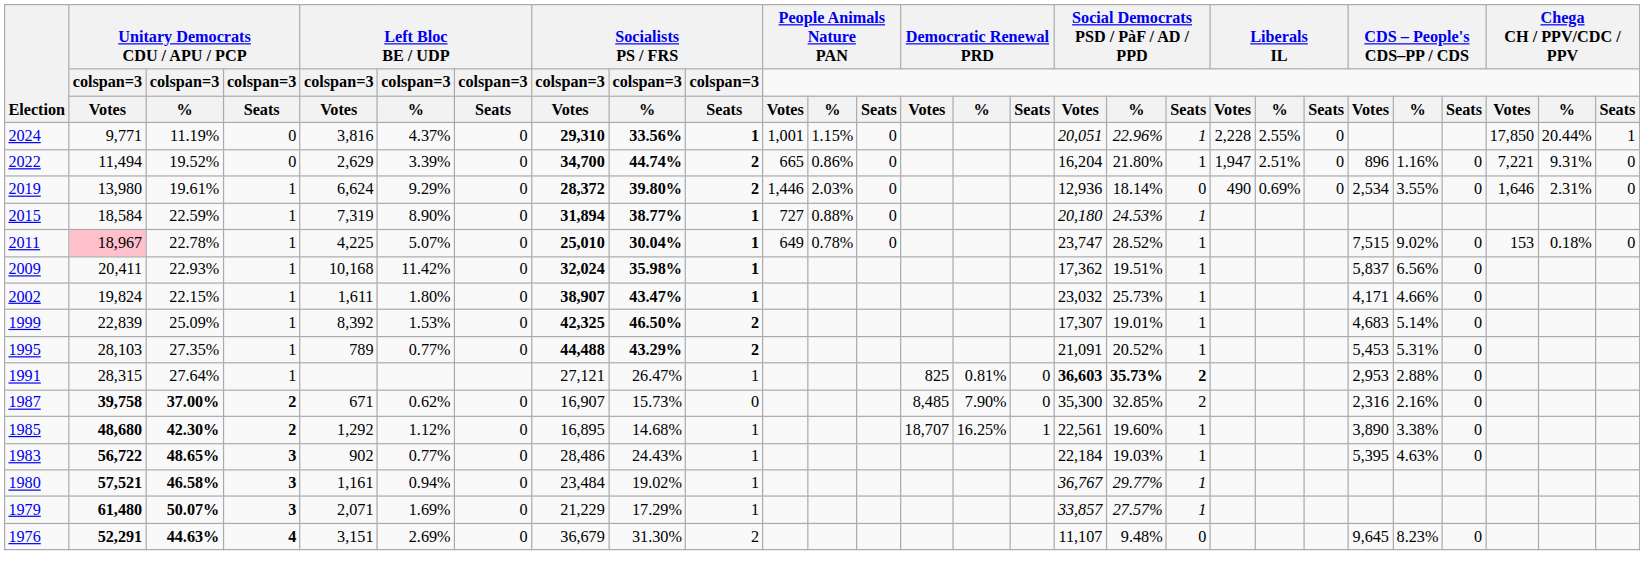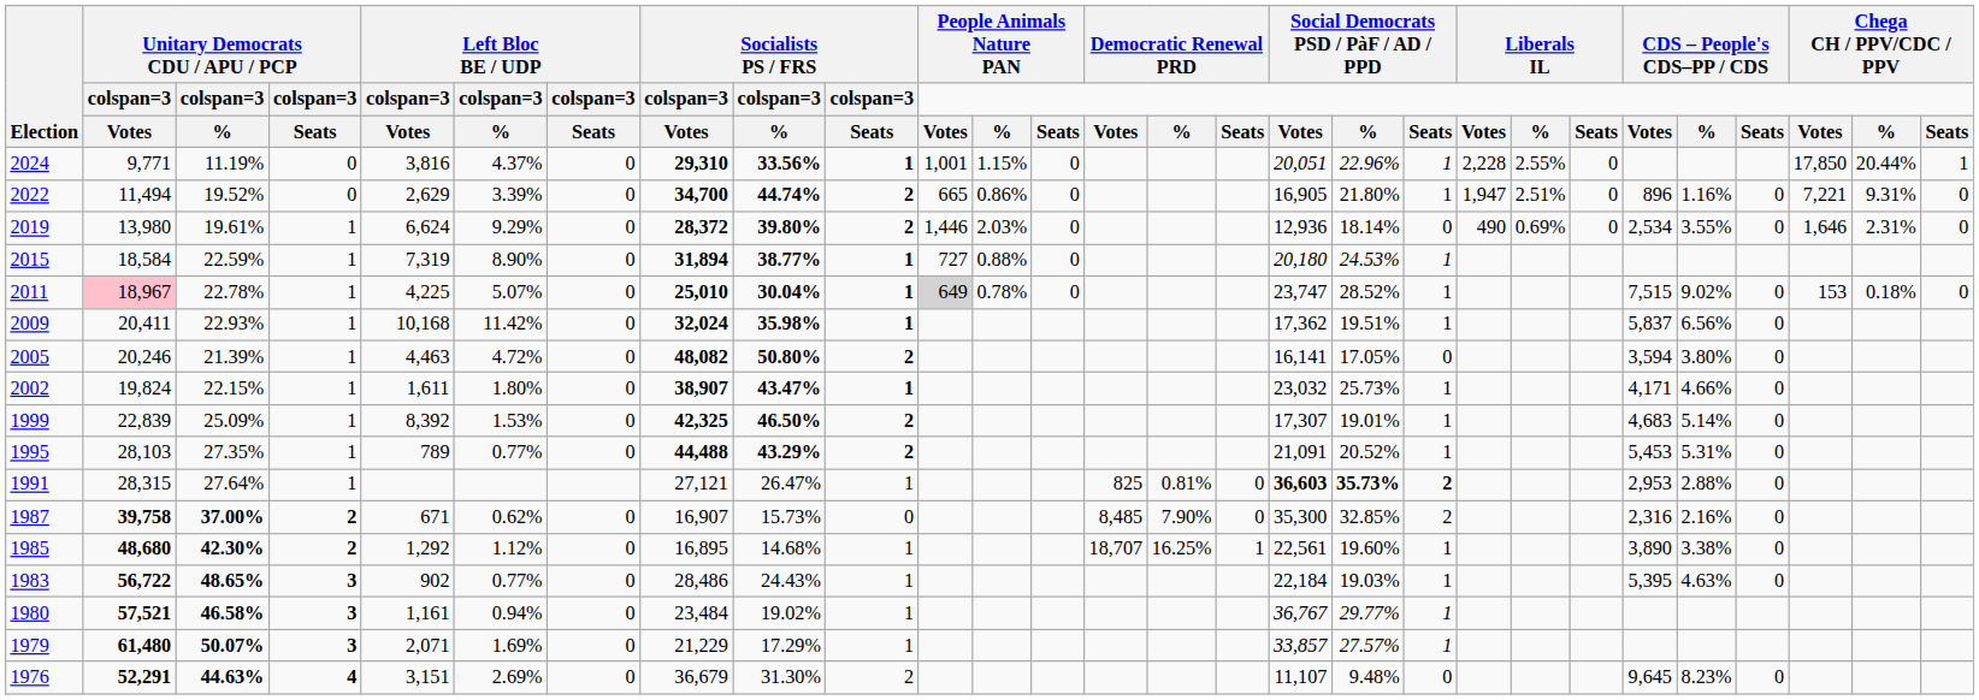 <table class="wikitable" border="1" style="font-size:85%; text-align:right;">
 <tr>
 <th style="text-align:left;" valign=bottom rowspan=3>Election</th>
 <th valign=bottom colspan=3><a href='#'>Unitary Democrats</a><br>CDU / APU / PCP</th>
 <th valign=bottom colspan=3><a href='#'>Left Bloc</a><br>BE / UDP</th>
 <th valign=bottom colspan=3><a href='#'>Socialists</a><br>PS / FRS</th>
 <th valign=bottom colspan=3><a href='#'>People Animals Nature</a><br>PAN</th>
 <th valign=bottom colspan=3><a href='#'>Democratic Renewal</a><br>PRD</th>
 <th valign=bottom colspan=3><a href='#'>Social Democrats</a><br>PSD / PàF / AD / PPD</th>
 <th valign=bottom colspan=3><a href='#'>Liberals</a><br>IL</th>
 <th valign=bottom colspan=3><a href='#'>CDS – People's</a><br>CDS–PP / CDS</th>
 <th valign=bottom colspan=3><a href='#'>Chega</a><br>CH / PPV/CDC / PPV</th>
 </tr>
 <tr>
 <th>colspan=3 </th>
 <th>colspan=3 </th>
 <th>colspan=3 </th>
 <th>colspan=3 </th>
 <th>colspan=3 </th>
 <th>colspan=3 </th>
 <th>colspan=3 </th>
 <th>colspan=3 </th>
 <th>colspan=3 </th>
 </tr>
 <tr>
 <th>Votes</th>
 <th>%</th>
 <th>Seats</th>
 <th>Votes</th>
 <th>%</th>
 <th>Seats</th>
 <th>Votes</th>
 <th>%</th>
 <th>Seats</th>
 <th>Votes</th>
 <th>%</th>
 <th>Seats</th>
 <th>Votes</th>
 <th>%</th>
 <th>Seats</th>
 <th>Votes</th>
 <th>%</th>
 <th>Seats</th>
 <th>Votes</th>
 <th>%</th>
 <th>Seats</th>
 <th>Votes</th>
 <th>%</th>
 <th>Seats</th>
 <th>Votes</th>
 <th>%</th>
 <th>Seats</th>
 </tr>
 <tr>
 <td align=left><a href='#'>2024</a></td>
 <td>9,771</td>
 <td>11.19%</td>
 <td>0</td>
 <td>3,816</td>
 <td>4.37%</td>
 <td>0</td>
 <td><strong>29,310</strong></td>
 <td><strong>33.56%</strong></td>
 <td><strong>1</strong></td>
 <td>1,001</td>
 <td>1.15%</td>
 <td>0</td>
 <td></td>
 <td></td>
 <td></td>
 <td><em>20,051</em></td>
 <td><em>22.96%</em></td>
 <td><em>1</em></td>
 <td>2,228</td>
 <td>2.55%</td>
 <td>0</td>
 <td></td>
 <td></td>
 <td></td>
 <td>17,850</td>
 <td>20.44%</td>
 <td>1</td>
 </tr>
 <tr>
 <td align=left><a href='#'>2022</a></td>
 <td>11,494</td>
 <td>19.52%</td>
 <td>0</td>
 <td>2,629</td>
 <td>3.39%</td>
 <td>0</td>
 <td><strong>34,700</strong></td>
 <td><strong>44.74%</strong></td>
 <td><strong>2</strong></td>
 <td>665</td>
 <td>0.86%</td>
 <td>0</td>
 <td></td>
 <td></td>
 <td></td>
-<td>16,204</td>
+<td>16,905</td>
 <td>21.80%</td>
 <td>1</td>
 <td>1,947</td>
 <td>2.51%</td>
 <td>0</td>
 <td>896</td>
 <td>1.16%</td>
 <td>0</td>
 <td>7,221</td>
 <td>9.31%</td>
 <td>0</td>
 </tr>
 <tr>
 <td align=left><a href='#'>2019</a></td>
 <td>13,980</td>
 <td>19.61%</td>
 <td>1</td>
 <td>6,624</td>
 <td>9.29%</td>
 <td>0</td>
 <td><strong>28,372</strong></td>
 <td><strong>39.80%</strong></td>
 <td><strong>2</strong></td>
 <td>1,446</td>
 <td>2.03%</td>
 <td>0</td>
 <td></td>
 <td></td>
 <td></td>
 <td>12,936</td>
 <td>18.14%</td>
 <td>0</td>
 <td>490</td>
 <td>0.69%</td>
 <td>0</td>
 <td>2,534</td>
 <td>3.55%</td>
 <td>0</td>
 <td>1,646</td>
 <td>2.31%</td>
 <td>0</td>
 </tr>
 <tr>
 <td align=left><a href='#'>2015</a></td>
 <td>18,584</td>
 <td>22.59%</td>
 <td>1</td>
 <td>7,319</td>
 <td>8.90%</td>
 <td>0</td>
 <td><strong>31,894</strong></td>
 <td><strong>38.77%</strong></td>
 <td><strong>1</strong></td>
 <td>727</td>
 <td>0.88%</td>
 <td>0</td>
 <td></td>
 <td></td>
 <td></td>
 <td><em>20,180</em></td>
 <td><em>24.53%</em></td>
 <td><em>1</em></td>
 <td></td>
 <td></td>
 <td></td>
 <td></td>
 <td></td>
 <td></td>
 <td></td>
 <td></td>
 <td></td>
 </tr>
 <tr>
 <td align=left><a href='#'>2011</a></td>
 <td style="background: pink;">18,967</td>
 <td>22.78%</td>
 <td>1</td>
 <td>4,225</td>
 <td>5.07%</td>
 <td>0</td>
 <td><strong>25,010</strong></td>
 <td><strong>30.04%</strong></td>
 <td><strong>1</strong></td>
-<td>649</td>
+<td style="background: lightgrey;">649</td>
 <td>0.78%</td>
 <td>0</td>
 <td></td>
 <td></td>
 <td></td>
 <td>23,747</td>
 <td>28.52%</td>
 <td>1</td>
 <td></td>
 <td></td>
 <td></td>
 <td>7,515</td>
 <td>9.02%</td>
 <td>0</td>
 <td>153</td>
 <td>0.18%</td>
 <td>0</td>
 </tr>
 <tr>
 <td align=left><a href='#'>2009</a></td>
 <td>20,411</td>
 <td>22.93%</td>
 <td>1</td>
 <td>10,168</td>
 <td>11.42%</td>
 <td>0</td>
 <td><strong>32,024</strong></td>
 <td><strong>35.98%</strong></td>
 <td><strong>1</strong></td>
 <td></td>
 <td></td>
 <td></td>
 <td></td>
 <td></td>
 <td></td>
 <td>17,362</td>
 <td>19.51%</td>
 <td>1</td>
 <td></td>
 <td></td>
 <td></td>
 <td>5,837</td>
 <td>6.56%</td>
+<td>0</td>
+<td></td>
+<td></td>
+<td></td>
+</tr>
+<tr>
+<td align=left><a href='#'>2005</a></td>
+<td>20,246</td>
+<td>21.39%</td>
+<td>1</td>
+<td>4,463</td>
+<td>4.72%</td>
+<td>0</td>
+<td><strong>48,082</strong></td>
+<td><strong>50.80%</strong></td>
+<td><strong>2</strong></td>
+<td></td>
+<td></td>
+<td></td>
+<td></td>
+<td></td>
+<td></td>
+<td>16,141</td>
+<td>17.05%</td>
+<td>0</td>
+<td></td>
+<td></td>
+<td></td>
+<td>3,594</td>
+<td>3.80%</td>
 <td>0</td>
 <td></td>
 <td></td>
 <td></td>
 </tr>
 <tr>
 <td align=left><a href='#'>2002</a></td>
 <td>19,824</td>
 <td>22.15%</td>
 <td>1</td>
 <td>1,611</td>
 <td>1.80%</td>
 <td>0</td>
 <td><strong>38,907</strong></td>
 <td><strong>43.47%</strong></td>
 <td><strong>1</strong></td>
 <td></td>
 <td></td>
 <td></td>
 <td></td>
 <td></td>
 <td></td>
 <td>23,032</td>
 <td>25.73%</td>
 <td>1</td>
 <td></td>
 <td></td>
 <td></td>
 <td>4,171</td>
 <td>4.66%</td>
 <td>0</td>
 <td></td>
 <td></td>
 <td></td>
 </tr>
 <tr>
 <td align=left><a href='#'>1999</a></td>
 <td>22,839</td>
 <td>25.09%</td>
 <td>1</td>
 <td>8,392</td>
 <td>1.53%</td>
 <td>0</td>
 <td><strong>42,325</strong></td>
 <td><strong>46.50%</strong></td>
 <td><strong>2</strong></td>
 <td></td>
 <td></td>
 <td></td>
 <td></td>
 <td></td>
 <td></td>
 <td>17,307</td>
 <td>19.01%</td>
 <td>1</td>
 <td></td>
 <td></td>
 <td></td>
 <td>4,683</td>
 <td>5.14%</td>
 <td>0</td>
 <td></td>
 <td></td>
 <td></td>
 </tr>
 <tr>
 <td align=left><a href='#'>1995</a></td>
 <td>28,103</td>
 <td>27.35%</td>
 <td>1</td>
 <td>789</td>
 <td>0.77%</td>
 <td>0</td>
 <td><strong>44,488</strong></td>
 <td><strong>43.29%</strong></td>
 <td><strong>2</strong></td>
 <td></td>
 <td></td>
 <td></td>
 <td></td>
 <td></td>
 <td></td>
 <td>21,091</td>
 <td>20.52%</td>
 <td>1</td>
 <td></td>
 <td></td>
 <td></td>
 <td>5,453</td>
 <td>5.31%</td>
 <td>0</td>
 <td></td>
 <td></td>
 <td></td>
 </tr>
 <tr>
 <td align=left><a href='#'>1991</a></td>
 <td>28,315</td>
 <td>27.64%</td>
 <td>1</td>
 <td></td>
 <td></td>
 <td></td>
 <td>27,121</td>
 <td>26.47%</td>
 <td>1</td>
 <td></td>
 <td></td>
 <td></td>
 <td>825</td>
 <td>0.81%</td>
 <td>0</td>
 <td><strong>36,603</strong></td>
 <td><strong>35.73%</strong></td>
 <td><strong>2</strong></td>
 <td></td>
 <td></td>
 <td></td>
 <td>2,953</td>
 <td>2.88%</td>
 <td>0</td>
 <td></td>
 <td></td>
 <td></td>
 </tr>
 <tr>
 <td align=left><a href='#'>1987</a></td>
 <td><strong>39,758</strong></td>
 <td><strong>37.00%</strong></td>
 <td><strong>2</strong></td>
 <td>671</td>
 <td>0.62%</td>
 <td>0</td>
 <td>16,907</td>
 <td>15.73%</td>
 <td>0</td>
 <td></td>
 <td></td>
 <td></td>
 <td>8,485</td>
 <td>7.90%</td>
 <td>0</td>
 <td>35,300</td>
 <td>32.85%</td>
 <td>2</td>
 <td></td>
 <td></td>
 <td></td>
 <td>2,316</td>
 <td>2.16%</td>
 <td>0</td>
 <td></td>
 <td></td>
 <td></td>
 </tr>
 <tr>
 <td align=left><a href='#'>1985</a></td>
 <td><strong>48,680</strong></td>
 <td><strong>42.30%</strong></td>
 <td><strong>2</strong></td>
 <td>1,292</td>
 <td>1.12%</td>
 <td>0</td>
 <td>16,895</td>
 <td>14.68%</td>
 <td>1</td>
 <td></td>
 <td></td>
 <td></td>
 <td>18,707</td>
 <td>16.25%</td>
 <td>1</td>
 <td>22,561</td>
 <td>19.60%</td>
 <td>1</td>
 <td></td>
 <td></td>
 <td></td>
 <td>3,890</td>
 <td>3.38%</td>
 <td>0</td>
 <td></td>
 <td></td>
 <td></td>
 </tr>
 <tr>
 <td align=left><a href='#'>1983</a></td>
 <td><strong>56,722</strong></td>
 <td><strong>48.65%</strong></td>
 <td><strong>3</strong></td>
 <td>902</td>
 <td>0.77%</td>
 <td>0</td>
 <td>28,486</td>
 <td>24.43%</td>
 <td>1</td>
 <td></td>
 <td></td>
 <td></td>
 <td></td>
 <td></td>
 <td></td>
 <td>22,184</td>
 <td>19.03%</td>
 <td>1</td>
 <td></td>
 <td></td>
 <td></td>
 <td>5,395</td>
 <td>4.63%</td>
 <td>0</td>
 <td></td>
 <td></td>
 <td></td>
 </tr>
 <tr>
 <td align=left><a href='#'>1980</a></td>
 <td><strong>57,521</strong></td>
 <td><strong>46.58%</strong></td>
 <td><strong>3</strong></td>
 <td>1,161</td>
 <td>0.94%</td>
 <td>0</td>
 <td>23,484</td>
 <td>19.02%</td>
 <td>1</td>
 <td></td>
 <td></td>
 <td></td>
 <td></td>
 <td></td>
 <td></td>
 <td><em>36,767</em></td>
 <td><em>29.77%</em></td>
 <td><em>1</em></td>
 <td></td>
 <td></td>
 <td></td>
 <td></td>
 <td></td>
 <td></td>
 <td></td>
 <td></td>
 <td></td>
 </tr>
 <tr>
 <td align=left><a href='#'>1979</a></td>
 <td><strong>61,480</strong></td>
 <td><strong>50.07%</strong></td>
 <td><strong>3</strong></td>
 <td>2,071</td>
 <td>1.69%</td>
 <td>0</td>
 <td>21,229</td>
 <td>17.29%</td>
 <td>1</td>
 <td></td>
 <td></td>
 <td></td>
 <td></td>
 <td></td>
 <td></td>
 <td><em>33,857</em></td>
 <td><em>27.57%</em></td>
 <td><em>1</em></td>
 <td></td>
 <td></td>
 <td></td>
 <td></td>
 <td></td>
 <td></td>
 <td></td>
 <td></td>
 <td></td>
 </tr>
 <tr>
 <td align=left><a href='#'>1976</a></td>
 <td><strong>52,291</strong></td>
 <td><strong>44.63%</strong></td>
 <td><strong>4</strong></td>
 <td>3,151</td>
 <td>2.69%</td>
 <td>0</td>
 <td>36,679</td>
 <td>31.30%</td>
 <td>2</td>
 <td></td>
 <td></td>
 <td></td>
 <td></td>
 <td></td>
 <td></td>
 <td>11,107</td>
 <td>9.48%</td>
 <td>0</td>
 <td></td>
 <td></td>
 <td></td>
 <td>9,645</td>
 <td>8.23%</td>
 <td>0</td>
 <td></td>
 <td></td>
 <td></td>
 </tr>
 </table>
